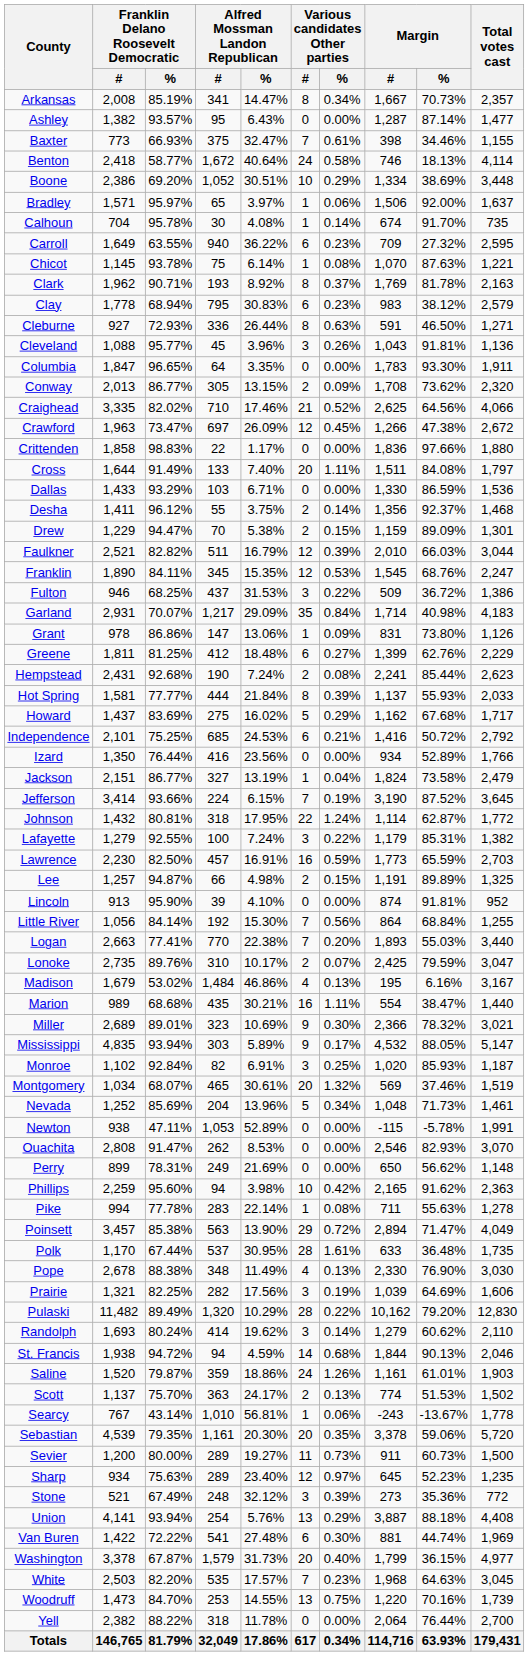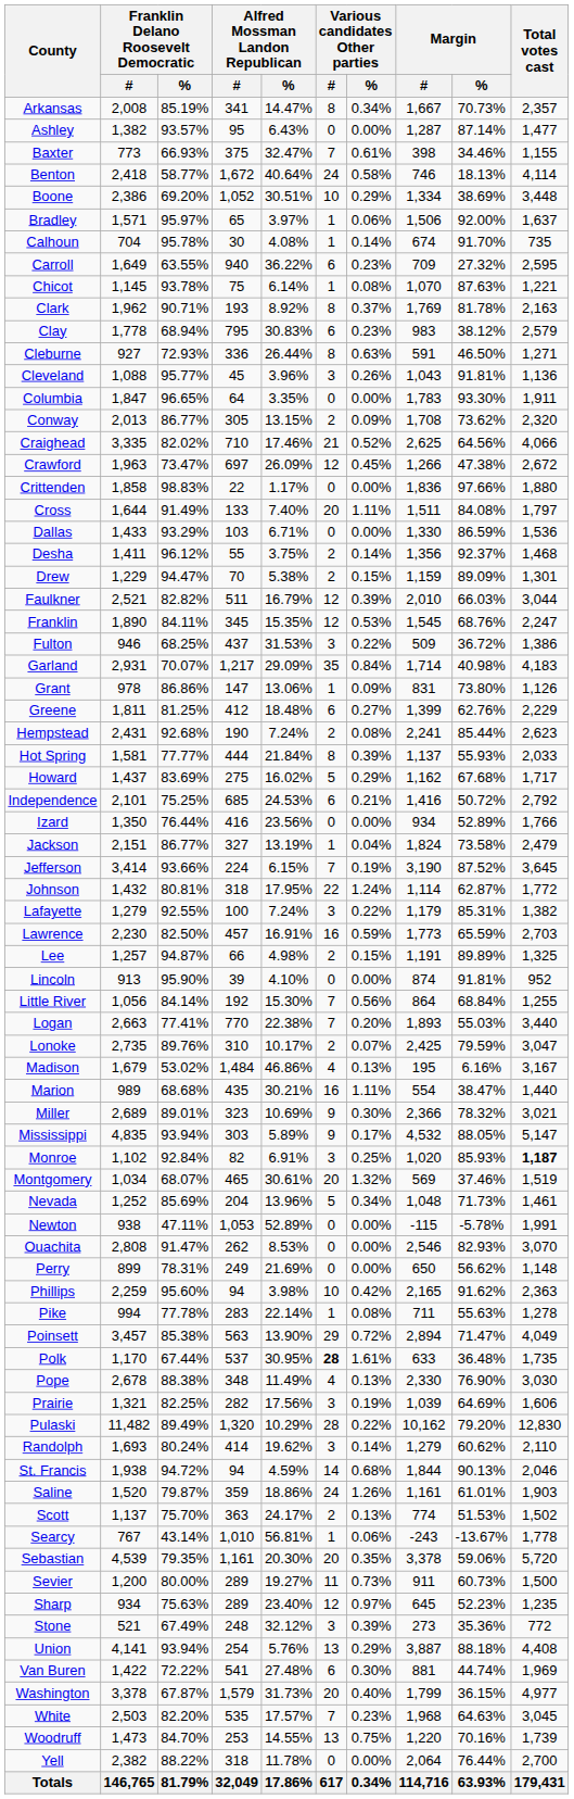 <table width="65%"  class="wikitable sortable mw-collapsible mw-collapsed nowrap" style="text-align:center">
 <tr>
 <th rowspan="2">County</th>
 <th style="text-align:center;" colspan="2">Franklin Delano Roosevelt<br>Democratic</th>
 <th style="text-align:center;" colspan="2">Alfred Mossman Landon<br>Republican</th>
 <th style="text-align:center;" colspan="2">Various candidates<br>Other parties</th>
 <th style="text-align:center;" colspan="2">Margin</th>
 <th colspan="1" rowspan="2" style="text-align:center;">Total votes cast</th>
 </tr>
 <tr>
 <th style="text-align:center;" data-sort-type="number">#</th>
 <th style="text-align:center;" data-sort-type="number">%</th>
 <th style="text-align:center;" data-sort-type="number">#</th>
 <th style="text-align:center;" data-sort-type="number">%</th>
 <th style="text-align:center;" data-sort-type="number">#</th>
 <th style="text-align:center;" data-sort-type="number">%</th>
 <th style="text-align:center;" data-sort-type="number">#</th>
 <th style="text-align:center;" data-sort-type="number">%</th>
 </tr>
 <tr style="text-align:center;">
 <td><a href='#'>Arkansas</a></td>
 <td>2,008</td>
 <td>85.19%</td>
 <td>341</td>
 <td>14.47%</td>
 <td>8</td>
 <td>0.34%</td>
 <td>1,667</td>
 <td>70.73%</td>
 <td>2,357</td>
 </tr>
 <tr style="text-align:center;">
 <td><a href='#'>Ashley</a></td>
 <td>1,382</td>
 <td>93.57%</td>
 <td>95</td>
 <td>6.43%</td>
 <td>0</td>
 <td>0.00%</td>
 <td>1,287</td>
 <td>87.14%</td>
 <td>1,477</td>
 </tr>
 <tr style="text-align:center;">
 <td><a href='#'>Baxter</a></td>
 <td>773</td>
 <td>66.93%</td>
 <td>375</td>
 <td>32.47%</td>
 <td>7</td>
 <td>0.61%</td>
 <td>398</td>
 <td>34.46%</td>
 <td>1,155</td>
 </tr>
 <tr style="text-align:center;">
 <td><a href='#'>Benton</a></td>
 <td>2,418</td>
 <td>58.77%</td>
 <td>1,672</td>
 <td>40.64%</td>
 <td>24</td>
 <td>0.58%</td>
 <td>746</td>
 <td>18.13%</td>
 <td>4,114</td>
 </tr>
 <tr style="text-align:center;">
 <td><a href='#'>Boone</a></td>
 <td>2,386</td>
 <td>69.20%</td>
 <td>1,052</td>
 <td>30.51%</td>
 <td>10</td>
 <td>0.29%</td>
 <td>1,334</td>
 <td>38.69%</td>
 <td>3,448</td>
 </tr>
 <tr style="text-align:center;">
 <td><a href='#'>Bradley</a></td>
 <td>1,571</td>
 <td>95.97%</td>
 <td>65</td>
 <td>3.97%</td>
 <td>1</td>
 <td>0.06%</td>
 <td>1,506</td>
 <td>92.00%</td>
 <td>1,637</td>
 </tr>
 <tr style="text-align:center;">
 <td><a href='#'>Calhoun</a></td>
 <td>704</td>
 <td>95.78%</td>
 <td>30</td>
 <td>4.08%</td>
 <td>1</td>
 <td>0.14%</td>
 <td>674</td>
 <td>91.70%</td>
 <td>735</td>
 </tr>
 <tr style="text-align:center;">
 <td><a href='#'>Carroll</a></td>
 <td>1,649</td>
 <td>63.55%</td>
 <td>940</td>
 <td>36.22%</td>
 <td>6</td>
 <td>0.23%</td>
 <td>709</td>
 <td>27.32%</td>
 <td>2,595</td>
 </tr>
 <tr style="text-align:center;">
 <td><a href='#'>Chicot</a></td>
 <td>1,145</td>
 <td>93.78%</td>
 <td>75</td>
 <td>6.14%</td>
 <td>1</td>
 <td>0.08%</td>
 <td>1,070</td>
 <td>87.63%</td>
 <td>1,221</td>
 </tr>
 <tr style="text-align:center;">
 <td><a href='#'>Clark</a></td>
 <td>1,962</td>
 <td>90.71%</td>
 <td>193</td>
 <td>8.92%</td>
 <td>8</td>
 <td>0.37%</td>
 <td>1,769</td>
 <td>81.78%</td>
 <td>2,163</td>
 </tr>
 <tr style="text-align:center;">
 <td><a href='#'>Clay</a></td>
 <td>1,778</td>
 <td>68.94%</td>
 <td>795</td>
 <td>30.83%</td>
 <td>6</td>
 <td>0.23%</td>
 <td>983</td>
 <td>38.12%</td>
 <td>2,579</td>
 </tr>
 <tr style="text-align:center;">
 <td><a href='#'>Cleburne</a></td>
 <td>927</td>
 <td>72.93%</td>
 <td>336</td>
 <td>26.44%</td>
 <td>8</td>
 <td>0.63%</td>
 <td>591</td>
 <td>46.50%</td>
 <td>1,271</td>
 </tr>
 <tr style="text-align:center;">
 <td><a href='#'>Cleveland</a></td>
 <td>1,088</td>
 <td>95.77%</td>
 <td>45</td>
 <td>3.96%</td>
 <td>3</td>
 <td>0.26%</td>
 <td>1,043</td>
 <td>91.81%</td>
 <td>1,136</td>
 </tr>
 <tr style="text-align:center;">
 <td><a href='#'>Columbia</a></td>
 <td>1,847</td>
 <td>96.65%</td>
 <td>64</td>
 <td>3.35%</td>
 <td>0</td>
 <td>0.00%</td>
 <td>1,783</td>
 <td>93.30%</td>
 <td>1,911</td>
 </tr>
 <tr style="text-align:center;">
 <td><a href='#'>Conway</a></td>
 <td>2,013</td>
 <td>86.77%</td>
 <td>305</td>
 <td>13.15%</td>
 <td>2</td>
 <td>0.09%</td>
 <td>1,708</td>
 <td>73.62%</td>
 <td>2,320</td>
 </tr>
 <tr style="text-align:center;">
 <td><a href='#'>Craighead</a></td>
 <td>3,335</td>
 <td>82.02%</td>
 <td>710</td>
 <td>17.46%</td>
 <td>21</td>
 <td>0.52%</td>
 <td>2,625</td>
 <td>64.56%</td>
 <td>4,066</td>
 </tr>
 <tr style="text-align:center;">
 <td><a href='#'>Crawford</a></td>
 <td>1,963</td>
 <td>73.47%</td>
 <td>697</td>
 <td>26.09%</td>
 <td>12</td>
 <td>0.45%</td>
 <td>1,266</td>
 <td>47.38%</td>
 <td>2,672</td>
 </tr>
 <tr style="text-align:center;">
 <td><a href='#'>Crittenden</a></td>
 <td>1,858</td>
 <td>98.83%</td>
 <td>22</td>
 <td>1.17%</td>
 <td>0</td>
 <td>0.00%</td>
 <td>1,836</td>
 <td>97.66%</td>
 <td>1,880</td>
 </tr>
 <tr style="text-align:center;">
 <td><a href='#'>Cross</a></td>
 <td>1,644</td>
 <td>91.49%</td>
 <td>133</td>
 <td>7.40%</td>
 <td>20</td>
 <td>1.11%</td>
 <td>1,511</td>
 <td>84.08%</td>
 <td>1,797</td>
 </tr>
 <tr style="text-align:center;">
 <td><a href='#'>Dallas</a></td>
 <td>1,433</td>
 <td>93.29%</td>
 <td>103</td>
 <td>6.71%</td>
 <td>0</td>
 <td>0.00%</td>
 <td>1,330</td>
 <td>86.59%</td>
 <td>1,536</td>
 </tr>
 <tr style="text-align:center;">
 <td><a href='#'>Desha</a></td>
 <td>1,411</td>
 <td>96.12%</td>
 <td>55</td>
 <td>3.75%</td>
 <td>2</td>
 <td>0.14%</td>
 <td>1,356</td>
 <td>92.37%</td>
 <td>1,468</td>
 </tr>
 <tr style="text-align:center;">
 <td><a href='#'>Drew</a></td>
 <td>1,229</td>
 <td>94.47%</td>
 <td>70</td>
 <td>5.38%</td>
 <td>2</td>
 <td>0.15%</td>
 <td>1,159</td>
 <td>89.09%</td>
 <td>1,301</td>
 </tr>
 <tr style="text-align:center;">
 <td><a href='#'>Faulkner</a></td>
 <td>2,521</td>
 <td>82.82%</td>
 <td>511</td>
 <td>16.79%</td>
 <td>12</td>
 <td>0.39%</td>
 <td>2,010</td>
 <td>66.03%</td>
 <td>3,044</td>
 </tr>
 <tr style="text-align:center;">
 <td><a href='#'>Franklin</a></td>
 <td>1,890</td>
 <td>84.11%</td>
 <td>345</td>
 <td>15.35%</td>
 <td>12</td>
 <td>0.53%</td>
 <td>1,545</td>
 <td>68.76%</td>
 <td>2,247</td>
 </tr>
 <tr style="text-align:center;">
 <td><a href='#'>Fulton</a></td>
 <td>946</td>
 <td>68.25%</td>
 <td>437</td>
 <td>31.53%</td>
 <td>3</td>
 <td>0.22%</td>
 <td>509</td>
 <td>36.72%</td>
 <td>1,386</td>
 </tr>
 <tr style="text-align:center;">
 <td><a href='#'>Garland</a></td>
 <td>2,931</td>
 <td>70.07%</td>
 <td>1,217</td>
 <td>29.09%</td>
 <td>35</td>
 <td>0.84%</td>
 <td>1,714</td>
 <td>40.98%</td>
 <td>4,183</td>
 </tr>
 <tr style="text-align:center;">
 <td><a href='#'>Grant</a></td>
 <td>978</td>
 <td>86.86%</td>
 <td>147</td>
 <td>13.06%</td>
 <td>1</td>
 <td>0.09%</td>
 <td>831</td>
 <td>73.80%</td>
 <td>1,126</td>
 </tr>
 <tr style="text-align:center;">
 <td><a href='#'>Greene</a></td>
 <td>1,811</td>
 <td>81.25%</td>
 <td>412</td>
 <td>18.48%</td>
 <td>6</td>
 <td>0.27%</td>
 <td>1,399</td>
 <td>62.76%</td>
 <td>2,229</td>
 </tr>
 <tr style="text-align:center;">
 <td><a href='#'>Hempstead</a></td>
 <td>2,431</td>
 <td>92.68%</td>
 <td>190</td>
 <td>7.24%</td>
 <td>2</td>
 <td>0.08%</td>
 <td>2,241</td>
 <td>85.44%</td>
 <td>2,623</td>
 </tr>
 <tr style="text-align:center;">
 <td><a href='#'>Hot Spring</a></td>
 <td>1,581</td>
 <td>77.77%</td>
 <td>444</td>
 <td>21.84%</td>
 <td>8</td>
 <td>0.39%</td>
 <td>1,137</td>
 <td>55.93%</td>
 <td>2,033</td>
 </tr>
 <tr style="text-align:center;">
 <td><a href='#'>Howard</a></td>
 <td>1,437</td>
 <td>83.69%</td>
 <td>275</td>
 <td>16.02%</td>
 <td>5</td>
 <td>0.29%</td>
 <td>1,162</td>
 <td>67.68%</td>
 <td>1,717</td>
 </tr>
 <tr style="text-align:center;">
 <td><a href='#'>Independence</a></td>
 <td>2,101</td>
 <td>75.25%</td>
 <td>685</td>
 <td>24.53%</td>
 <td>6</td>
 <td>0.21%</td>
 <td>1,416</td>
 <td>50.72%</td>
 <td>2,792</td>
 </tr>
 <tr style="text-align:center;">
 <td><a href='#'>Izard</a></td>
 <td>1,350</td>
 <td>76.44%</td>
 <td>416</td>
 <td>23.56%</td>
 <td>0</td>
 <td>0.00%</td>
 <td>934</td>
 <td>52.89%</td>
 <td>1,766</td>
 </tr>
 <tr style="text-align:center;">
 <td><a href='#'>Jackson</a></td>
 <td>2,151</td>
 <td>86.77%</td>
 <td>327</td>
 <td>13.19%</td>
 <td>1</td>
 <td>0.04%</td>
 <td>1,824</td>
 <td>73.58%</td>
 <td>2,479</td>
 </tr>
 <tr style="text-align:center;">
 <td><a href='#'>Jefferson</a></td>
 <td>3,414</td>
 <td>93.66%</td>
 <td>224</td>
 <td>6.15%</td>
 <td>7</td>
 <td>0.19%</td>
 <td>3,190</td>
 <td>87.52%</td>
 <td>3,645</td>
 </tr>
 <tr style="text-align:center;">
 <td><a href='#'>Johnson</a></td>
 <td>1,432</td>
 <td>80.81%</td>
 <td>318</td>
 <td>17.95%</td>
 <td>22</td>
 <td>1.24%</td>
 <td>1,114</td>
 <td>62.87%</td>
 <td>1,772</td>
 </tr>
 <tr style="text-align:center;">
 <td><a href='#'>Lafayette</a></td>
 <td>1,279</td>
 <td>92.55%</td>
 <td>100</td>
 <td>7.24%</td>
 <td>3</td>
 <td>0.22%</td>
 <td>1,179</td>
 <td>85.31%</td>
 <td>1,382</td>
 </tr>
 <tr style="text-align:center;">
 <td><a href='#'>Lawrence</a></td>
 <td>2,230</td>
 <td>82.50%</td>
 <td>457</td>
 <td>16.91%</td>
 <td>16</td>
 <td>0.59%</td>
 <td>1,773</td>
 <td>65.59%</td>
 <td>2,703</td>
 </tr>
 <tr style="text-align:center;">
 <td><a href='#'>Lee</a></td>
 <td>1,257</td>
 <td>94.87%</td>
 <td>66</td>
 <td>4.98%</td>
 <td>2</td>
 <td>0.15%</td>
 <td>1,191</td>
 <td>89.89%</td>
 <td>1,325</td>
 </tr>
 <tr style="text-align:center;">
 <td><a href='#'>Lincoln</a></td>
 <td>913</td>
 <td>95.90%</td>
 <td>39</td>
 <td>4.10%</td>
 <td>0</td>
 <td>0.00%</td>
 <td>874</td>
 <td>91.81%</td>
 <td>952</td>
 </tr>
 <tr style="text-align:center;">
 <td><a href='#'>Little River</a></td>
 <td>1,056</td>
 <td>84.14%</td>
 <td>192</td>
 <td>15.30%</td>
 <td>7</td>
 <td>0.56%</td>
 <td>864</td>
 <td>68.84%</td>
 <td>1,255</td>
 </tr>
 <tr style="text-align:center;">
 <td><a href='#'>Logan</a></td>
 <td>2,663</td>
 <td>77.41%</td>
 <td>770</td>
 <td>22.38%</td>
 <td>7</td>
 <td>0.20%</td>
 <td>1,893</td>
 <td>55.03%</td>
 <td>3,440</td>
 </tr>
 <tr style="text-align:center;">
 <td><a href='#'>Lonoke</a></td>
 <td>2,735</td>
 <td>89.76%</td>
 <td>310</td>
 <td>10.17%</td>
 <td>2</td>
 <td>0.07%</td>
 <td>2,425</td>
 <td>79.59%</td>
 <td>3,047</td>
 </tr>
 <tr style="text-align:center;">
 <td><a href='#'>Madison</a></td>
 <td>1,679</td>
 <td>53.02%</td>
 <td>1,484</td>
 <td>46.86%</td>
 <td>4</td>
 <td>0.13%</td>
 <td>195</td>
 <td>6.16%</td>
 <td>3,167</td>
 </tr>
 <tr style="text-align:center;">
 <td><a href='#'>Marion</a></td>
 <td>989</td>
 <td>68.68%</td>
 <td>435</td>
 <td>30.21%</td>
 <td>16</td>
 <td>1.11%</td>
 <td>554</td>
 <td>38.47%</td>
 <td>1,440</td>
 </tr>
 <tr style="text-align:center;">
 <td><a href='#'>Miller</a></td>
 <td>2,689</td>
 <td>89.01%</td>
 <td>323</td>
 <td>10.69%</td>
 <td>9</td>
 <td>0.30%</td>
 <td>2,366</td>
 <td>78.32%</td>
 <td>3,021</td>
 </tr>
 <tr style="text-align:center;">
 <td><a href='#'>Mississippi</a></td>
 <td>4,835</td>
 <td>93.94%</td>
 <td>303</td>
 <td>5.89%</td>
 <td>9</td>
 <td>0.17%</td>
 <td>4,532</td>
 <td>88.05%</td>
 <td>5,147</td>
 </tr>
 <tr style="text-align:center;">
 <td><a href='#'>Monroe</a></td>
 <td>1,102</td>
 <td>92.84%</td>
 <td>82</td>
 <td>6.91%</td>
 <td>3</td>
 <td>0.25%</td>
 <td>1,020</td>
 <td>85.93%</td>
-<td>1,187</td>
+<td><strong>1,187</strong></td>
 </tr>
 <tr style="text-align:center;">
 <td><a href='#'>Montgomery</a></td>
 <td>1,034</td>
 <td>68.07%</td>
 <td>465</td>
 <td>30.61%</td>
 <td>20</td>
 <td>1.32%</td>
 <td>569</td>
 <td>37.46%</td>
 <td>1,519</td>
 </tr>
 <tr style="text-align:center;">
 <td><a href='#'>Nevada</a></td>
 <td>1,252</td>
 <td>85.69%</td>
 <td>204</td>
 <td>13.96%</td>
 <td>5</td>
 <td>0.34%</td>
 <td>1,048</td>
 <td>71.73%</td>
 <td>1,461</td>
 </tr>
 <tr style="text-align:center;">
 <td><a href='#'>Newton</a></td>
 <td>938</td>
 <td>47.11%</td>
 <td>1,053</td>
 <td>52.89%</td>
 <td>0</td>
 <td>0.00%</td>
 <td>-115</td>
 <td>-5.78%</td>
 <td>1,991</td>
 </tr>
 <tr style="text-align:center;">
 <td><a href='#'>Ouachita</a></td>
 <td>2,808</td>
 <td>91.47%</td>
 <td>262</td>
 <td>8.53%</td>
 <td>0</td>
 <td>0.00%</td>
 <td>2,546</td>
 <td>82.93%</td>
 <td>3,070</td>
 </tr>
 <tr style="text-align:center;">
 <td><a href='#'>Perry</a></td>
 <td>899</td>
 <td>78.31%</td>
 <td>249</td>
 <td>21.69%</td>
 <td>0</td>
 <td>0.00%</td>
 <td>650</td>
 <td>56.62%</td>
 <td>1,148</td>
 </tr>
 <tr style="text-align:center;">
 <td><a href='#'>Phillips</a></td>
 <td>2,259</td>
 <td>95.60%</td>
 <td>94</td>
 <td>3.98%</td>
 <td>10</td>
 <td>0.42%</td>
 <td>2,165</td>
 <td>91.62%</td>
 <td>2,363</td>
 </tr>
 <tr style="text-align:center;">
 <td><a href='#'>Pike</a></td>
 <td>994</td>
 <td>77.78%</td>
 <td>283</td>
 <td>22.14%</td>
 <td>1</td>
 <td>0.08%</td>
 <td>711</td>
 <td>55.63%</td>
 <td>1,278</td>
 </tr>
 <tr style="text-align:center;">
 <td><a href='#'>Poinsett</a></td>
 <td>3,457</td>
 <td>85.38%</td>
 <td>563</td>
 <td>13.90%</td>
 <td>29</td>
 <td>0.72%</td>
 <td>2,894</td>
 <td>71.47%</td>
 <td>4,049</td>
 </tr>
 <tr style="text-align:center;">
 <td><a href='#'>Polk</a></td>
 <td>1,170</td>
 <td>67.44%</td>
 <td>537</td>
 <td>30.95%</td>
-<td>28</td>
+<td><strong>28</strong></td>
 <td>1.61%</td>
 <td>633</td>
 <td>36.48%</td>
 <td>1,735</td>
 </tr>
 <tr style="text-align:center;">
 <td><a href='#'>Pope</a></td>
 <td>2,678</td>
 <td>88.38%</td>
 <td>348</td>
 <td>11.49%</td>
 <td>4</td>
 <td>0.13%</td>
 <td>2,330</td>
 <td>76.90%</td>
 <td>3,030</td>
 </tr>
 <tr style="text-align:center;">
 <td><a href='#'>Prairie</a></td>
 <td>1,321</td>
 <td>82.25%</td>
 <td>282</td>
 <td>17.56%</td>
 <td>3</td>
 <td>0.19%</td>
 <td>1,039</td>
 <td>64.69%</td>
 <td>1,606</td>
 </tr>
 <tr style="text-align:center;">
 <td><a href='#'>Pulaski</a></td>
 <td>11,482</td>
 <td>89.49%</td>
 <td>1,320</td>
 <td>10.29%</td>
 <td>28</td>
 <td>0.22%</td>
 <td>10,162</td>
 <td>79.20%</td>
 <td>12,830</td>
 </tr>
 <tr style="text-align:center;">
 <td><a href='#'>Randolph</a></td>
 <td>1,693</td>
 <td>80.24%</td>
 <td>414</td>
 <td>19.62%</td>
 <td>3</td>
 <td>0.14%</td>
 <td>1,279</td>
 <td>60.62%</td>
 <td>2,110</td>
 </tr>
 <tr style="text-align:center;">
 <td><a href='#'>St. Francis</a></td>
 <td>1,938</td>
 <td>94.72%</td>
 <td>94</td>
 <td>4.59%</td>
 <td>14</td>
 <td>0.68%</td>
 <td>1,844</td>
 <td>90.13%</td>
 <td>2,046</td>
 </tr>
 <tr style="text-align:center;">
 <td><a href='#'>Saline</a></td>
 <td>1,520</td>
 <td>79.87%</td>
 <td>359</td>
 <td>18.86%</td>
 <td>24</td>
 <td>1.26%</td>
 <td>1,161</td>
 <td>61.01%</td>
 <td>1,903</td>
 </tr>
 <tr style="text-align:center;">
 <td><a href='#'>Scott</a></td>
 <td>1,137</td>
 <td>75.70%</td>
 <td>363</td>
 <td>24.17%</td>
 <td>2</td>
 <td>0.13%</td>
 <td>774</td>
 <td>51.53%</td>
 <td>1,502</td>
 </tr>
 <tr style="text-align:center;">
 <td><a href='#'>Searcy</a></td>
 <td>767</td>
 <td>43.14%</td>
 <td>1,010</td>
 <td>56.81%</td>
 <td>1</td>
 <td>0.06%</td>
 <td>-243</td>
 <td>-13.67%</td>
 <td>1,778</td>
 </tr>
 <tr style="text-align:center;">
 <td><a href='#'>Sebastian</a></td>
 <td>4,539</td>
 <td>79.35%</td>
 <td>1,161</td>
 <td>20.30%</td>
 <td>20</td>
 <td>0.35%</td>
 <td>3,378</td>
 <td>59.06%</td>
 <td>5,720</td>
 </tr>
 <tr style="text-align:center;">
 <td><a href='#'>Sevier</a></td>
 <td>1,200</td>
 <td>80.00%</td>
 <td>289</td>
 <td>19.27%</td>
 <td>11</td>
 <td>0.73%</td>
 <td>911</td>
 <td>60.73%</td>
 <td>1,500</td>
 </tr>
 <tr style="text-align:center;">
 <td><a href='#'>Sharp</a></td>
 <td>934</td>
 <td>75.63%</td>
 <td>289</td>
 <td>23.40%</td>
 <td>12</td>
 <td>0.97%</td>
 <td>645</td>
 <td>52.23%</td>
 <td>1,235</td>
 </tr>
 <tr style="text-align:center;">
 <td><a href='#'>Stone</a></td>
 <td>521</td>
 <td>67.49%</td>
 <td>248</td>
 <td>32.12%</td>
 <td>3</td>
 <td>0.39%</td>
 <td>273</td>
 <td>35.36%</td>
 <td>772</td>
 </tr>
 <tr style="text-align:center;">
 <td><a href='#'>Union</a></td>
 <td>4,141</td>
 <td>93.94%</td>
 <td>254</td>
 <td>5.76%</td>
 <td>13</td>
 <td>0.29%</td>
 <td>3,887</td>
 <td>88.18%</td>
 <td>4,408</td>
 </tr>
 <tr style="text-align:center;">
 <td><a href='#'>Van Buren</a></td>
 <td>1,422</td>
 <td>72.22%</td>
 <td>541</td>
 <td>27.48%</td>
 <td>6</td>
 <td>0.30%</td>
 <td>881</td>
 <td>44.74%</td>
 <td>1,969</td>
 </tr>
 <tr style="text-align:center;">
 <td><a href='#'>Washington</a></td>
 <td>3,378</td>
 <td>67.87%</td>
 <td>1,579</td>
 <td>31.73%</td>
 <td>20</td>
 <td>0.40%</td>
 <td>1,799</td>
 <td>36.15%</td>
 <td>4,977</td>
 </tr>
 <tr style="text-align:center;">
 <td><a href='#'>White</a></td>
 <td>2,503</td>
 <td>82.20%</td>
 <td>535</td>
 <td>17.57%</td>
 <td>7</td>
 <td>0.23%</td>
 <td>1,968</td>
 <td>64.63%</td>
 <td>3,045</td>
 </tr>
 <tr style="text-align:center;">
 <td><a href='#'>Woodruff</a></td>
 <td>1,473</td>
 <td>84.70%</td>
 <td>253</td>
 <td>14.55%</td>
 <td>13</td>
 <td>0.75%</td>
 <td>1,220</td>
 <td>70.16%</td>
 <td>1,739</td>
 </tr>
 <tr style="text-align:center;">
 <td><a href='#'>Yell</a></td>
 <td>2,382</td>
 <td>88.22%</td>
 <td>318</td>
 <td>11.78%</td>
 <td>0</td>
 <td>0.00%</td>
 <td>2,064</td>
 <td>76.44%</td>
 <td>2,700</td>
 </tr>
 <tr style="text-align:center;">
 <th>Totals</th>
 <th>146,765</th>
 <th>81.79%</th>
 <th>32,049</th>
 <th>17.86%</th>
 <th>617</th>
 <th>0.34%</th>
 <th>114,716</th>
 <th>63.93%</th>
 <th>179,431</th>
 </tr>
 </table>
